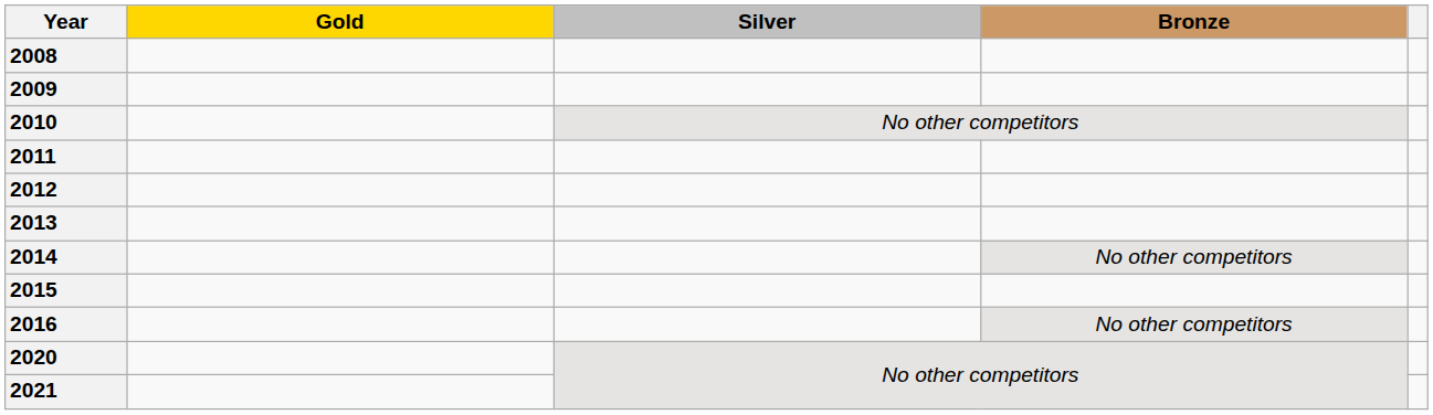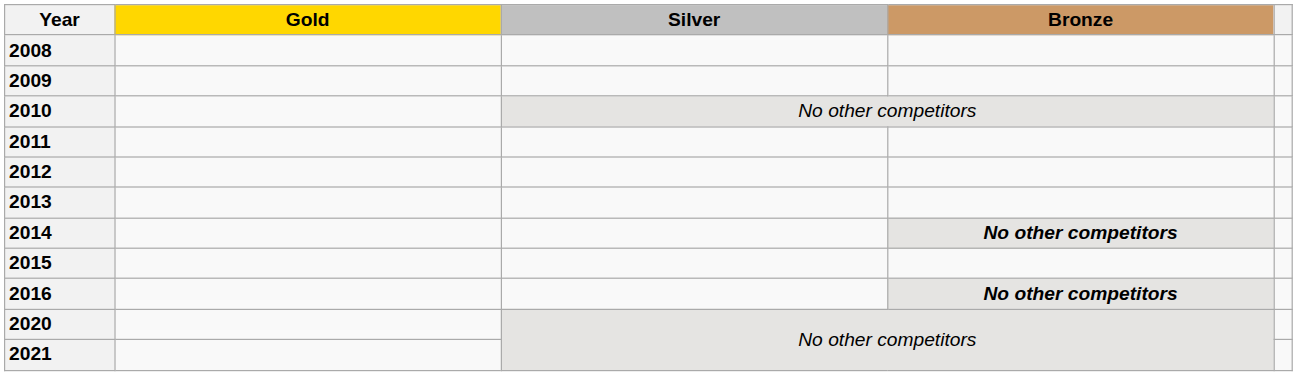 <table class="wikitable unsortable" style="text-align:left; width:85%">
 <tr>
 <th scope="col" style="text-align:center">Year</th>
 <td scope="col" style="text-align:center; width:30%; background:gold"><strong>Gold</strong></td>
 <td scope="col" style="text-align:center; width:30%; background:silver"><strong>Silver</strong></td>
 <td scope="col" style="text-align:center; width:30%; background:#c96"><strong>Bronze</strong></td>
 <th scope="col" style="text-align:center"></th>
 </tr>
 <tr>
 <th scope="row" style="text-align:left">2008</th>
 <td></td>
 <td></td>
 <td></td>
 <td></td>
 </tr>
 <tr>
 <th scope="row" style="text-align:left">2009</th>
 <td></td>
 <td></td>
 <td></td>
 <td></td>
 </tr>
 <tr>
 <th scope="row" style="text-align:left">2010</th>
 <td></td>
 <td colspan="2" align="center" bgcolor="e5e4e2"><em>No other competitors</em></td>
 <td></td>
 </tr>
 <tr>
 <th scope="row" style="text-align:left">2011</th>
 <td></td>
 <td></td>
 <td></td>
 <td></td>
 </tr>
 <tr>
 <th scope="row" style="text-align:left">2012</th>
 <td></td>
 <td></td>
 <td></td>
 <td></td>
 </tr>
 <tr>
 <th scope="row" style="text-align:left">2013</th>
 <td></td>
 <td></td>
 <td></td>
 <td></td>
 </tr>
 <tr>
 <th scope="row" style="text-align:left">2014</th>
 <td></td>
 <td></td>
-<td align="center" bgcolor="e5e4e2"><em>No other competitors</em></td>
+<td align="center" bgcolor="e5e4e2"><strong><em>No other competitors</em></strong></td>
 <td></td>
 </tr>
 <tr>
 <th scope="row" style="text-align:left">2015</th>
 <td></td>
 <td></td>
 <td></td>
 <td></td>
 </tr>
 <tr>
 <th scope="row" style="text-align:left">2016</th>
 <td></td>
 <td></td>
-<td align="center" bgcolor="e5e4e2"><em>No other competitors</em></td>
+<td align="center" bgcolor="e5e4e2"><strong><em>No other competitors</em></strong></td>
 <td></td>
 </tr>
 <tr>
 <th scope="row" style="text-align:left">2020</th>
 <td></td>
 <td colspan="2" rowspan="2" align="center" bgcolor="e5e4e2"><em>No other competitors</em></td>
 <td></td>
 </tr>
 <tr>
 <th scope="row" style="text-align:left">2021</th>
 <td></td>
 <td></td>
 </tr>
 </table>
